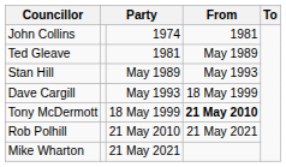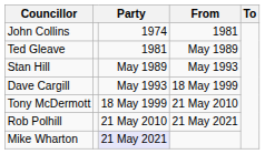 <table class=wikitable>
 <tr>
 <th>Councillor</th>
 <th colspan=2>Party</th>
 <th>From</th>
 <th>To</th>
 </tr>
 <tr>
 <td>John Collins</td>
 <td></td>
 <td align=right>1974</td>
 <td align=right>1981</td>
 </tr>
 <tr>
 <td>Ted Gleave</td>
 <td></td>
 <td align=right>1981</td>
 <td align=right>May 1989</td>
 </tr>
 <tr>
 <td>Stan Hill</td>
 <td></td>
 <td align=right>May 1989</td>
 <td align=right>May 1993</td>
 </tr>
 <tr>
 <td>Dave Cargill</td>
 <td></td>
 <td align=right>May 1993</td>
 <td align=right>18 May 1999</td>
 </tr>
 <tr>
 <td>Tony McDermott</td>
 <td></td>
 <td align=right>18 May 1999</td>
-<td align=right><strong>21 May 2010</strong></td>
+<td align=right>21 May 2010</td>
 </tr>
 <tr>
 <td>Rob Polhill</td>
 <td></td>
 <td align=right>21 May 2010</td>
 <td align=right>21 May 2021</td>
 </tr>
 <tr>
 <td>Mike Wharton</td>
 <td></td>
-<td align=right>21 May 2021</td>
+<td align=right style="background: lavender;">21 May 2021</td>
 <td align=right></td>
 </tr>
 </table>
